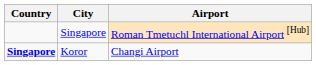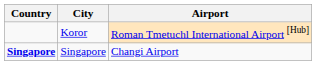 <table class="wikitable sortable">
 <tr>
 <th>Country</th>
 <th>City</th>
 <th>Airport</th>
 </tr>
 <tr>
 <td rowspan=1></td>
-<td><a href='#'>Singapore</a></td>
+<td><a href='#'>Koror</a></td>
 <td style="background:#ffe6bd;"><a href='#'>Roman Tmetuchl International Airport</a> <sup>[Hub]</sup></td>
 </tr>
 <tr>
 <td rowspan=1><strong><a href='#'>Singapore</a></strong></td>
-<td><a href='#'>Koror</a></td>
+<td><a href='#'>Singapore</a></td>
 <td><a href='#'>Changi Airport</a></td>
 </tr>
 </table>
